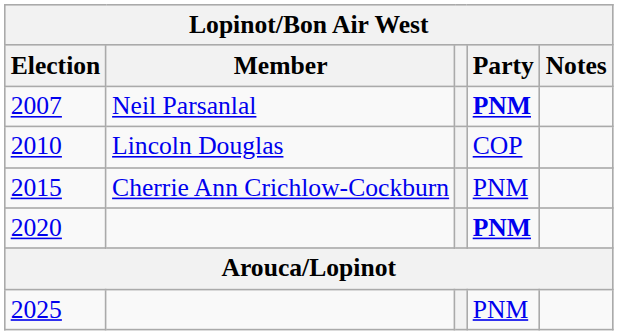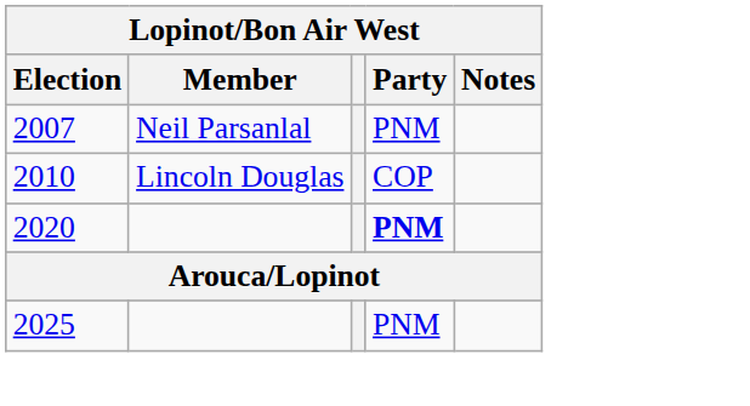 <table class="wikitable sortable">
 <tr>
 <th colspan="5">Lopinot/Bon Air West</th>
 </tr>
 <tr>
 <th>Election</th>
 <th>Member</th>
 <th></th>
 <th>Party</th>
 <th>Notes</th>
 </tr>
 <tr>
 <td><a href='#'>2007</a></td>
 <td><a href='#'>Neil Parsanlal</a></td>
 <th style="background-color: "></th>
-<td><strong><a href='#'>PNM</a></strong></td>
+<td><a href='#'>PNM</a></td>
 <td></td>
 </tr>
 <tr>
 <td><a href='#'>2010</a></td>
 <td><a href='#'>Lincoln Douglas</a></td>
 <th style="background-color: "></th>
 <td><a href='#'>COP</a></td>
-<td></td>
-</tr>
-<tr>
-<td><a href='#'>2015</a></td>
-<td><a href='#'>Cherrie Ann Crichlow-Cockburn</a></td>
-<th style="background-color: "></th>
-<td><a href='#'>PNM</a></td>
 <td></td>
 </tr>
 <tr>
 <td><a href='#'>2020</a></td>
 <td></td>
 <th style="background-color: "></th>
 <td><strong><a href='#'>PNM</a></strong></td>
 <td></td>
 </tr>
 <tr>
 <th colspan="5">Arouca/Lopinot</th>
 </tr>
 <tr>
 <td><a href='#'>2025</a></td>
 <td></td>
 <th style="background-color: "></th>
 <td><a href='#'>PNM</a></td>
 <td></td>
 </tr>
 </table>
